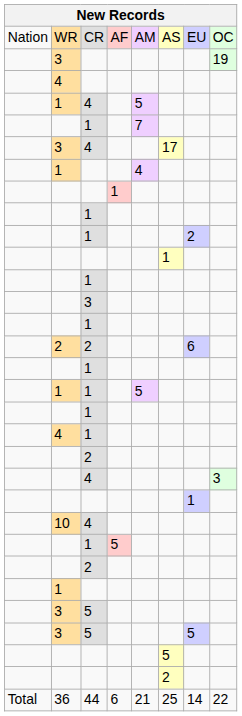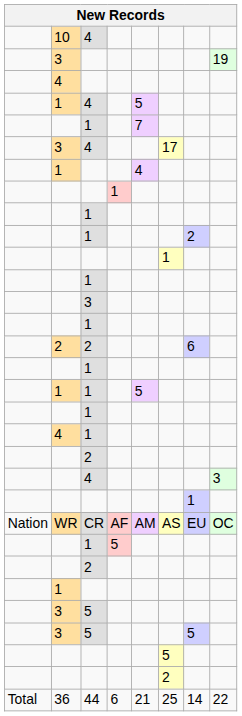 <table class="wikitable">
 <tr>
 <th colspan="8">New Records</th>
 </tr>
 <tr>
-<td>Nation</td>
-<td bgcolor="#ffdf9f">WR</td>
-<td bgcolor="#dfdfdf">CR</td>
-<td bgcolor="#ffcccc">AF</td>
-<td bgcolor="#efcfff">AM</td>
-<td bgcolor="#ffffbf">AS</td>
-<td bgcolor="#cfcfff">EU</td>
-<td bgcolor="#dfffdf">OC</td>
+<td></td>
+<td bgcolor="#ffdf9f">10</td>
+<td bgcolor="#dfdfdf">4</td>
+<td></td>
+<td></td>
+<td></td>
+<td></td>
+<td></td>
 </tr>
 <tr>
 <td></td>
 <td bgcolor="#ffdf9f">3</td>
 <td></td>
 <td></td>
 <td></td>
 <td></td>
 <td></td>
 <td bgcolor="#dfffdf">19</td>
 </tr>
 <tr>
 <td></td>
 <td bgcolor="#ffdf9f">4</td>
 <td></td>
 <td></td>
 <td></td>
 <td></td>
 <td></td>
 <td></td>
 </tr>
 <tr>
 <td></td>
 <td bgcolor="#ffdf9f">1</td>
 <td bgcolor="#dfdfdf">4</td>
 <td></td>
 <td bgcolor="#efcfff">5</td>
 <td></td>
 <td></td>
 <td></td>
 </tr>
 <tr>
 <td></td>
 <td></td>
 <td bgcolor="#dfdfdf">1</td>
 <td></td>
 <td bgcolor="#efcfff">7</td>
 <td></td>
 <td></td>
 <td></td>
 </tr>
 <tr>
 <td></td>
 <td bgcolor="#ffdf9f">3</td>
 <td bgcolor="#dfdfdf">4</td>
 <td></td>
 <td></td>
 <td bgcolor="#ffffbf">17</td>
 <td></td>
 <td></td>
 </tr>
 <tr>
 <td></td>
 <td bgcolor="#ffdf9f">1</td>
 <td></td>
 <td></td>
 <td bgcolor="#efcfff">4</td>
 <td></td>
 <td></td>
 <td></td>
 </tr>
 <tr>
 <td></td>
 <td></td>
 <td></td>
 <td bgcolor=#ffcccc>1</td>
 <td></td>
 <td></td>
 <td></td>
 <td></td>
 </tr>
 <tr>
 <td></td>
 <td></td>
 <td bgcolor="#dfdfdf">1</td>
 <td></td>
 <td></td>
 <td></td>
 <td></td>
 <td></td>
 </tr>
 <tr>
 <td></td>
 <td></td>
 <td bgcolor="#dfdfdf">1</td>
 <td></td>
 <td></td>
 <td></td>
 <td bgcolor="#cfcfff">2</td>
 <td></td>
 </tr>
 <tr>
 <td></td>
 <td></td>
 <td></td>
 <td></td>
 <td></td>
 <td bgcolor="#ffffbf">1</td>
 <td></td>
 <td></td>
 </tr>
 <tr>
 <td></td>
 <td></td>
 <td bgcolor="#dfdfdf">1</td>
 <td></td>
 <td></td>
 <td></td>
 <td></td>
 <td></td>
 </tr>
 <tr>
 <td></td>
 <td></td>
 <td bgcolor="#dfdfdf">3</td>
 <td></td>
 <td></td>
 <td></td>
 <td></td>
 <td></td>
 </tr>
 <tr>
 <td></td>
 <td></td>
 <td bgcolor="#dfdfdf">1</td>
 <td></td>
 <td></td>
 <td></td>
 <td></td>
 <td></td>
 </tr>
 <tr>
 <td></td>
 <td bgcolor="#ffdf9f">2</td>
 <td bgcolor="#dfdfdf">2</td>
 <td></td>
 <td></td>
 <td></td>
 <td bgcolor="#cfcfff">6</td>
 <td></td>
 </tr>
 <tr>
 <td></td>
 <td></td>
 <td bgcolor="#dfdfdf">1</td>
 <td></td>
 <td></td>
 <td></td>
 <td></td>
 <td></td>
 </tr>
 <tr>
 <td></td>
 <td bgcolor="#ffdf9f">1</td>
 <td bgcolor="#dfdfdf">1</td>
 <td></td>
 <td bgcolor="#efcfff">5</td>
 <td></td>
 <td></td>
 <td></td>
 </tr>
 <tr>
 <td></td>
 <td></td>
 <td bgcolor="#dfdfdf">1</td>
 <td></td>
 <td></td>
 <td></td>
 <td></td>
 <td></td>
 </tr>
 <tr>
 <td></td>
 <td bgcolor="#ffdf9f">4</td>
 <td bgcolor="#dfdfdf">1</td>
 <td></td>
 <td></td>
 <td></td>
 <td></td>
 <td></td>
 </tr>
 <tr>
 <td></td>
 <td></td>
 <td bgcolor="#dfdfdf">2</td>
 <td></td>
 <td></td>
 <td></td>
 <td></td>
 <td></td>
 </tr>
 <tr>
 <td></td>
 <td></td>
 <td bgcolor="#dfdfdf">4</td>
 <td></td>
 <td></td>
 <td></td>
 <td></td>
 <td bgcolor="#dfffdf">3</td>
 </tr>
 <tr>
 <td></td>
 <td></td>
 <td></td>
 <td></td>
 <td></td>
 <td></td>
 <td bgcolor="#cfcfff">1</td>
 <td></td>
 </tr>
 <tr>
-<td></td>
-<td bgcolor="#ffdf9f">10</td>
-<td bgcolor="#dfdfdf">4</td>
-<td></td>
-<td></td>
-<td></td>
-<td></td>
-<td></td>
+<td>Nation</td>
+<td bgcolor="#ffdf9f">WR</td>
+<td bgcolor="#dfdfdf">CR</td>
+<td bgcolor="#ffcccc">AF</td>
+<td bgcolor="#efcfff">AM</td>
+<td bgcolor="#ffffbf">AS</td>
+<td bgcolor="#cfcfff">EU</td>
+<td bgcolor="#dfffdf">OC</td>
 </tr>
 <tr>
 <td></td>
 <td></td>
 <td bgcolor="#dfdfdf">1</td>
 <td bgcolor=#ffcccc>5</td>
 <td></td>
 <td></td>
 <td></td>
 <td></td>
 </tr>
 <tr>
 <td></td>
 <td></td>
 <td bgcolor="#dfdfdf">2</td>
 <td></td>
 <td></td>
 <td></td>
 <td></td>
 <td></td>
 </tr>
 <tr>
 <td></td>
 <td bgcolor="#ffdf9f">1</td>
 <td></td>
 <td></td>
 <td></td>
 <td></td>
 <td></td>
 <td></td>
 </tr>
 <tr>
 <td></td>
 <td bgcolor="#ffdf9f">3</td>
 <td bgcolor="#dfdfdf">5</td>
 <td></td>
 <td></td>
 <td></td>
 <td></td>
 <td></td>
 </tr>
 <tr>
 <td></td>
 <td bgcolor="#ffdf9f">3</td>
 <td bgcolor="#dfdfdf">5</td>
 <td></td>
 <td></td>
 <td></td>
 <td bgcolor="#cfcfff">5</td>
 <td></td>
 </tr>
 <tr>
 <td></td>
 <td></td>
 <td></td>
 <td></td>
 <td></td>
 <td bgcolor="#ffffbf">5</td>
 <td></td>
 <td></td>
 </tr>
 <tr>
 <td></td>
 <td></td>
 <td></td>
 <td></td>
 <td></td>
 <td bgcolor="#ffffbf">2</td>
 <td></td>
 <td></td>
 </tr>
 <tr>
 <td>Total</td>
 <td>36</td>
 <td>44</td>
 <td>6</td>
 <td>21</td>
 <td>25</td>
 <td>14</td>
 <td>22</td>
 </tr>
 </table>
